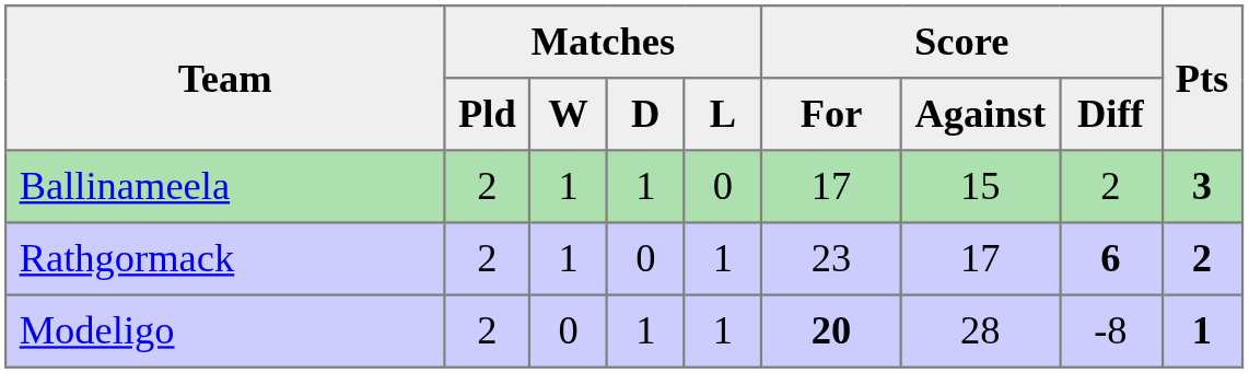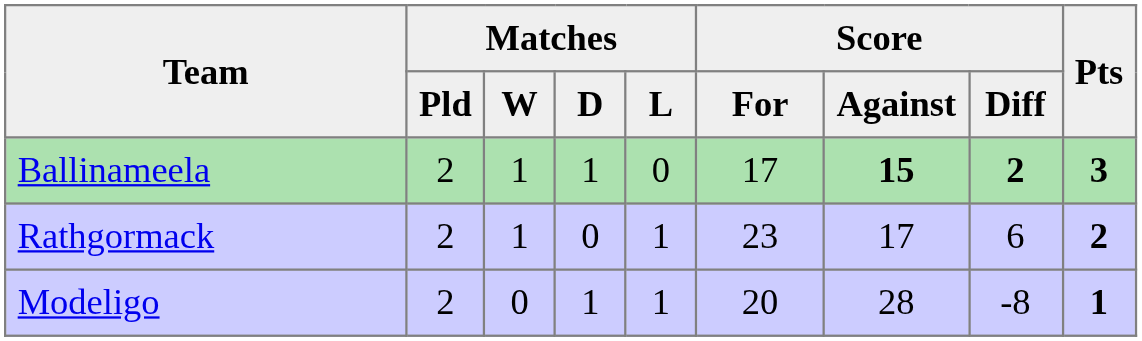 <table style=border-collapse:collapse border=1 cellspacing=0 cellpadding=5>
 <tr align=center bgcolor=#efefef>
 <th rowspan=2 width=165>Team</th>
 <th colspan=4>Matches</th>
 <th colspan=3>Score</th>
 <th rowspan=2width=20>Pts</th>
 </tr>
 <tr align=center bgcolor=#efefef>
 <th width=20>Pld</th>
 <th width=20>W</th>
 <th width=20>D</th>
 <th width=20>L</th>
 <th width=45>For</th>
 <th width=45>Against</th>
 <th width=30>Diff</th>
 </tr>
 <tr align=center style="background:#ACE1AF;">
 <td style="text-align:left;"><a href='#'>Ballinameela</a></td>
 <td>2</td>
 <td>1</td>
 <td>1</td>
 <td>0</td>
 <td>17</td>
-<td>15</td>
-<td>2</td>
+<td><strong>15</strong></td>
+<td><strong>2</strong></td>
 <td><strong>3</strong></td>
 </tr>
 <tr align=center style="background:#ccccff;">
 <td style="text-align:left;"><a href='#'>Rathgormack</a></td>
 <td>2</td>
 <td>1</td>
 <td>0</td>
 <td>1</td>
 <td>23</td>
 <td>17</td>
-<td><strong>6</strong></td>
+<td>6</td>
 <td><strong>2</strong></td>
 </tr>
 <tr align=center  style="background:#ccccff;">
 <td style="text-align:left;"><a href='#'>Modeligo</a></td>
 <td>2</td>
 <td>0</td>
 <td>1</td>
 <td>1</td>
-<td><strong>20</strong></td>
+<td>20</td>
 <td>28</td>
 <td>-8</td>
 <td><strong>1</strong></td>
 </tr>
 </table>
